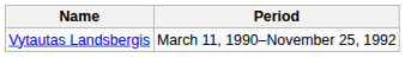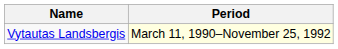 <table class="wikitable">
 <tr>
 <th>Name</th>
 <th>Period</th>
 </tr>
 <tr>
 <td><a href='#'>Vytautas Landsbergis</a></td>
-<td>March 11, 1990–November 25, 1992</td>
+<td style="background: lightyellow;">March 11, 1990–November 25, 1992</td>
 </tr>
 </table>
